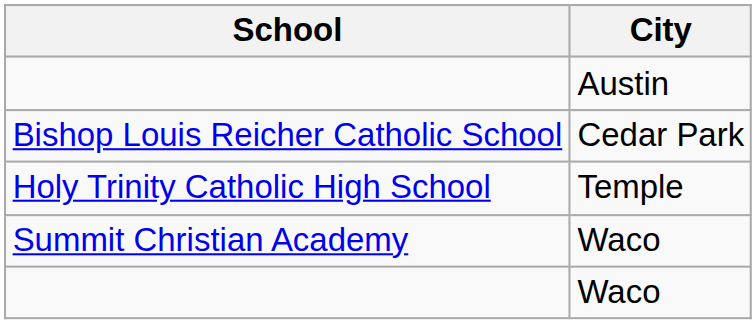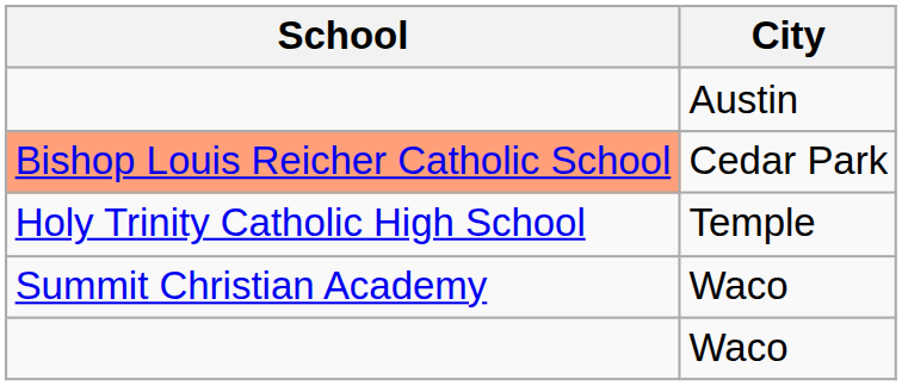 <table class="wikitable">
 <tr>
 <th>School</th>
 <th>City</th>
 </tr>
 <tr>
 <td></td>
 <td>Austin</td>
 </tr>
 <tr>
-<td><a href='#'>Bishop Louis Reicher Catholic School</a></td>
+<td style="background: lightsalmon;"><a href='#'>Bishop Louis Reicher Catholic School</a></td>
 <td>Cedar Park</td>
 </tr>
 <tr>
 <td><a href='#'>Holy Trinity Catholic High School</a></td>
 <td>Temple</td>
 </tr>
 <tr>
 <td><a href='#'>Summit Christian Academy</a></td>
 <td>Waco</td>
 </tr>
 <tr>
 <td></td>
 <td>Waco</td>
 </tr>
 </table>
